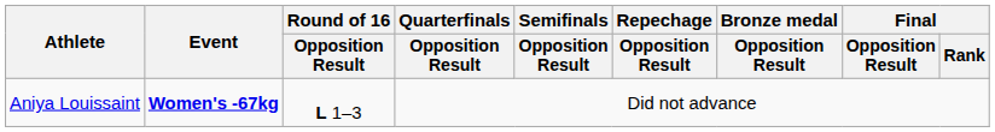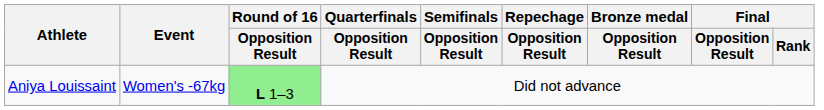 <table class="wikitable" style="font-size:90%">
 <tr>
 <th rowspan=2>Athlete</th>
 <th rowspan=2>Event</th>
 <th>Round of 16</th>
 <th>Quarterfinals</th>
 <th>Semifinals</th>
 <th>Repechage</th>
 <th>Bronze medal</th>
 <th colspan=2>Final</th>
 </tr>
 <tr style="font-size:95%">
 <th>Opposition<br>Result</th>
 <th>Opposition<br>Result</th>
 <th>Opposition<br>Result</th>
 <th>Opposition<br>Result</th>
 <th>Opposition<br>Result</th>
 <th>Opposition<br>Result</th>
 <th>Rank</th>
 </tr>
 <tr align=center>
 <td align=left><a href='#'>Aniya Louissaint</a></td>
-<td align=left><strong><a href='#'>Women's -67kg</a></strong></td>
-<td><br> <strong>L</strong> 1–3</td>
+<td align=left><a href='#'>Women's -67kg</a></td>
+<td style="background: lightgreen;"><br> <strong>L</strong> 1–3</td>
 <td colspan=6>Did not advance</td>
 </tr>
 </table>
